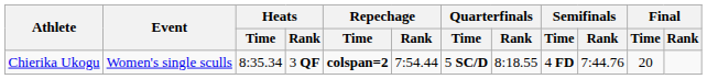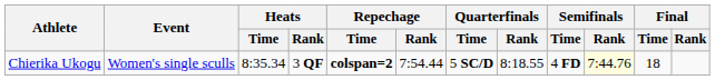 <table class="wikitable" style="font-size:90%">
 <tr>
 <th rowspan="2">Athlete</th>
 <th rowspan="2">Event</th>
 <th colspan="2">Heats</th>
 <th colspan="2">Repechage</th>
 <th colspan="2">Quarterfinals</th>
 <th colspan="2">Semifinals</th>
 <th colspan="2">Final</th>
 </tr>
 <tr style="font-size:95%">
 <th>Time</th>
 <th>Rank</th>
 <th>Time</th>
 <th>Rank</th>
 <th>Time</th>
 <th>Rank</th>
 <th>Time</th>
 <th>Rank</th>
 <th>Time</th>
 <th>Rank</th>
 </tr>
 <tr align=center>
 <td align=left><a href='#'>Chierika Ukogu</a></td>
 <td align=left><a href='#'>Women's single sculls</a></td>
 <td>8:35.34</td>
 <td>3 <strong>QF</strong></td>
 <td><strong>colspan=2 </strong></td>
 <td>7:54.44</td>
 <td>5 <strong>SC/D</strong></td>
 <td>8:18.55</td>
 <td>4 <strong>FD</strong></td>
-<td>7:44.76</td>
-<td>20</td>
+<td style="background: lightyellow;">7:44.76</td>
+<td>18</td>
 </tr>
 </table>
